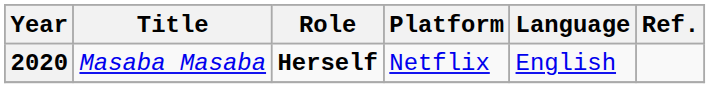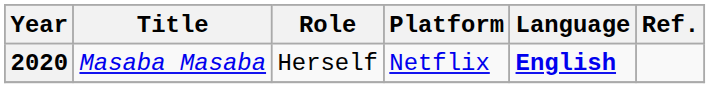 <table class="wikitable plainrowheaders ">
 <tr>
 <th scope="col">Year</th>
 <th scope="col">Title</th>
 <th scope="col">Role</th>
 <th scope="col">Platform</th>
 <th scope="col">Language</th>
 <th scope="col">Ref.</th>
 </tr>
 <tr>
 <th scope="row">2020</th>
 <td><em><a href='#'>Masaba Masaba</a></em></td>
-<td><strong>Herself</strong></td>
+<td>Herself</td>
 <td><a href='#'>Netflix</a></td>
-<td><a href='#'>English</a></td>
+<td><strong><a href='#'>English</a></strong></td>
 <td></td>
 </tr>
 <tr>
 </tr>
 </table>
